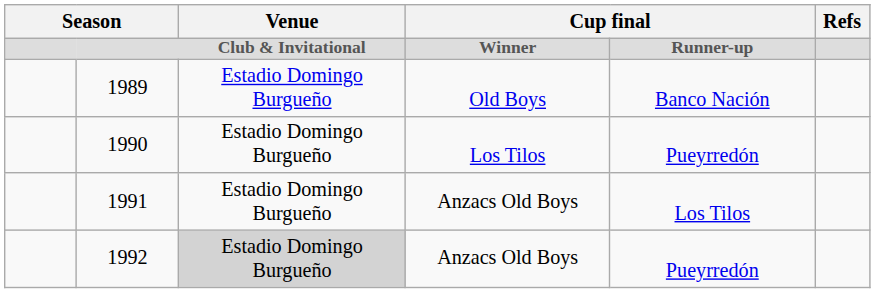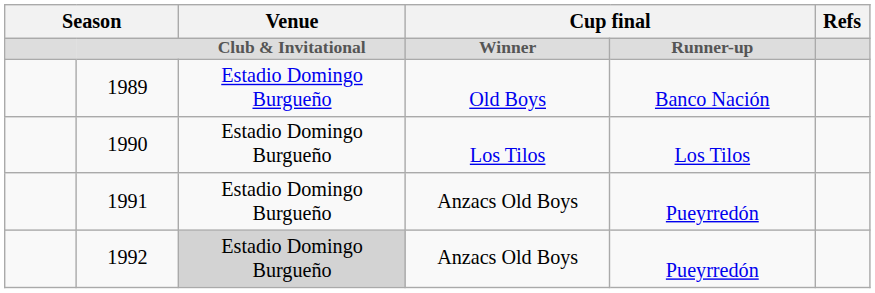 <table class="wikitable" style="text-align:center; font-size:90%; width:70%; max-width:84em;">
 <tr>
 <th colspan=2>Season</th>
 <th>Venue</th>
 <th colspan=2>Cup final</th>
 <th style="padding:1px;">Refs</th>
 </tr>
 <tr style="line-height:9px; font-size:87%; background-color:#ddd; color:#555; font-weight:bold;">
 <td style="width:2.7em; border-right:0px;"></td>
 <td style="width:4.1em; border:0px;"></td>
 <td style="width:9.5em; border:0px;">Club & Invitational</td>
 <td style="width:8.5em;">Winner </td>
 <td style="width:8.5em;">Runner-up</td>
 <td style="width:1.1em;"></td>
 </tr>
 <tr>
 <td><small></small></td>
 <td>1989</td>
 <td><a href='#'>Estadio Domingo Burgueño</a></td>
 <td><br><a href='#'>Old Boys</a> </td>
 <td><br><a href='#'>Banco Nación</a></td>
 <td></td>
 </tr>
 <tr>
 <td><small></small></td>
 <td>1990</td>
 <td>Estadio Domingo Burgueño</td>
 <td><br><a href='#'>Los Tilos</a> </td>
-<td><br><a href='#'>Pueyrredón</a></td>
+<td><br><a href='#'>Los Tilos</a></td>
 <td></td>
 </tr>
 <tr>
 <td><small></small></td>
 <td>1991</td>
 <td>Estadio Domingo Burgueño</td>
 <td>Anzacs Old Boys </td>
-<td><br><a href='#'>Los Tilos</a></td>
+<td><br><a href='#'>Pueyrredón</a></td>
 <td></td>
 </tr>
 <tr>
 <td><small></small></td>
 <td>1992</td>
 <td style="background: lightgrey;">Estadio Domingo Burgueño</td>
 <td>Anzacs Old Boys </td>
 <td><br><a href='#'>Pueyrredón</a></td>
 <td></td>
 </tr>
 </table>
